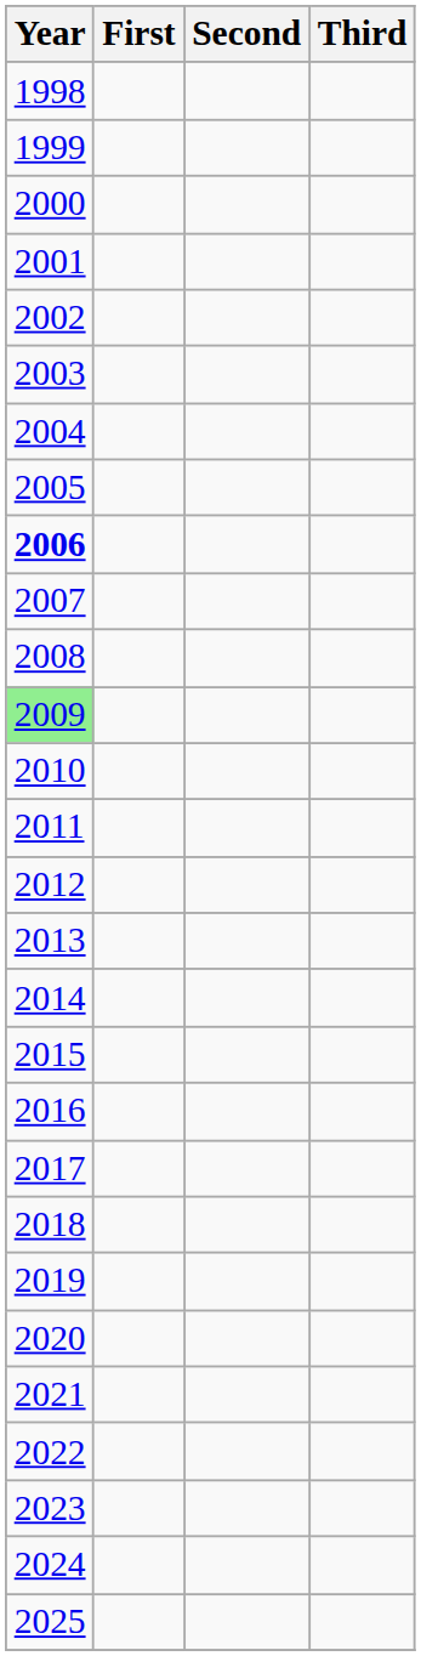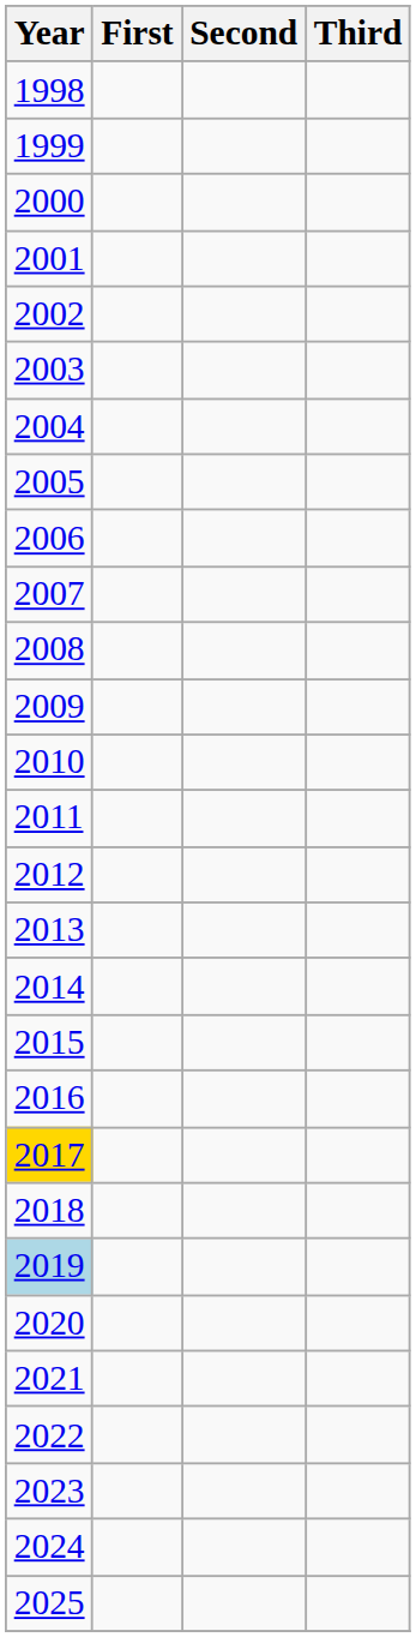 <table class = "wikitable sortable" style="font-size:100%">
 <tr>
 <th>Year</th>
 <th>First</th>
 <th>Second</th>
 <th>Third</th>
 </tr>
 <tr>
 <td><a href='#'>1998</a></td>
 <td></td>
 <td></td>
 <td></td>
 </tr>
 <tr>
 <td><a href='#'>1999</a></td>
 <td></td>
 <td></td>
 <td></td>
 </tr>
 <tr>
 <td><a href='#'>2000</a></td>
 <td></td>
 <td></td>
 <td></td>
 </tr>
 <tr>
 <td><a href='#'>2001</a></td>
 <td></td>
 <td></td>
 <td></td>
 </tr>
 <tr>
 <td><a href='#'>2002</a></td>
 <td></td>
 <td></td>
 <td></td>
 </tr>
 <tr>
 <td><a href='#'>2003</a></td>
 <td></td>
 <td></td>
 <td></td>
 </tr>
 <tr>
 <td><a href='#'>2004</a></td>
 <td></td>
 <td></td>
 <td></td>
 </tr>
 <tr>
 <td><a href='#'>2005</a></td>
 <td></td>
 <td></td>
 <td></td>
 </tr>
 <tr>
-<td><strong><a href='#'>2006</a></strong></td>
+<td><a href='#'>2006</a></td>
 <td></td>
 <td></td>
 <td></td>
 </tr>
 <tr>
 <td><a href='#'>2007</a></td>
 <td></td>
 <td></td>
 <td></td>
 </tr>
 <tr>
 <td><a href='#'>2008</a></td>
 <td></td>
 <td></td>
 <td></td>
 </tr>
 <tr>
-<td style="background: lightgreen;"><a href='#'>2009</a></td>
+<td><a href='#'>2009</a></td>
 <td></td>
 <td></td>
 <td></td>
 </tr>
 <tr>
 <td><a href='#'>2010</a></td>
 <td></td>
 <td></td>
 <td></td>
 </tr>
 <tr>
 <td><a href='#'>2011</a></td>
 <td></td>
 <td></td>
 <td></td>
 </tr>
 <tr>
 <td><a href='#'>2012</a></td>
 <td></td>
 <td></td>
 <td></td>
 </tr>
 <tr>
 <td><a href='#'>2013</a></td>
 <td></td>
 <td></td>
 <td></td>
 </tr>
 <tr>
 <td><a href='#'>2014</a></td>
 <td></td>
 <td></td>
 <td></td>
 </tr>
 <tr>
 <td><a href='#'>2015</a></td>
 <td></td>
 <td></td>
 <td></td>
 </tr>
 <tr>
 <td><a href='#'>2016</a></td>
 <td></td>
 <td></td>
 <td></td>
 </tr>
 <tr>
-<td><a href='#'>2017</a></td>
+<td style="background: gold;"><a href='#'>2017</a></td>
 <td></td>
 <td></td>
 <td></td>
 </tr>
 <tr>
 <td><a href='#'>2018</a></td>
 <td></td>
 <td></td>
 <td></td>
 </tr>
 <tr>
-<td><a href='#'>2019</a></td>
+<td style="background: lightblue;"><a href='#'>2019</a></td>
 <td></td>
 <td></td>
 <td></td>
 </tr>
 <tr>
 <td><a href='#'>2020</a></td>
 <td></td>
 <td></td>
 <td></td>
 </tr>
 <tr>
 <td><a href='#'>2021</a></td>
 <td></td>
 <td></td>
 <td></td>
 </tr>
 <tr>
 <td><a href='#'>2022</a></td>
 <td></td>
 <td></td>
 <td></td>
 </tr>
 <tr>
 <td><a href='#'>2023</a></td>
 <td></td>
 <td></td>
 <td></td>
 </tr>
 <tr>
 <td><a href='#'>2024</a></td>
 <td></td>
 <td></td>
 <td></td>
 </tr>
 <tr>
 <td><a href='#'>2025</a></td>
 <td></td>
 <td></td>
 <td></td>
 </tr>
 <tr>
 </tr>
 </table>
